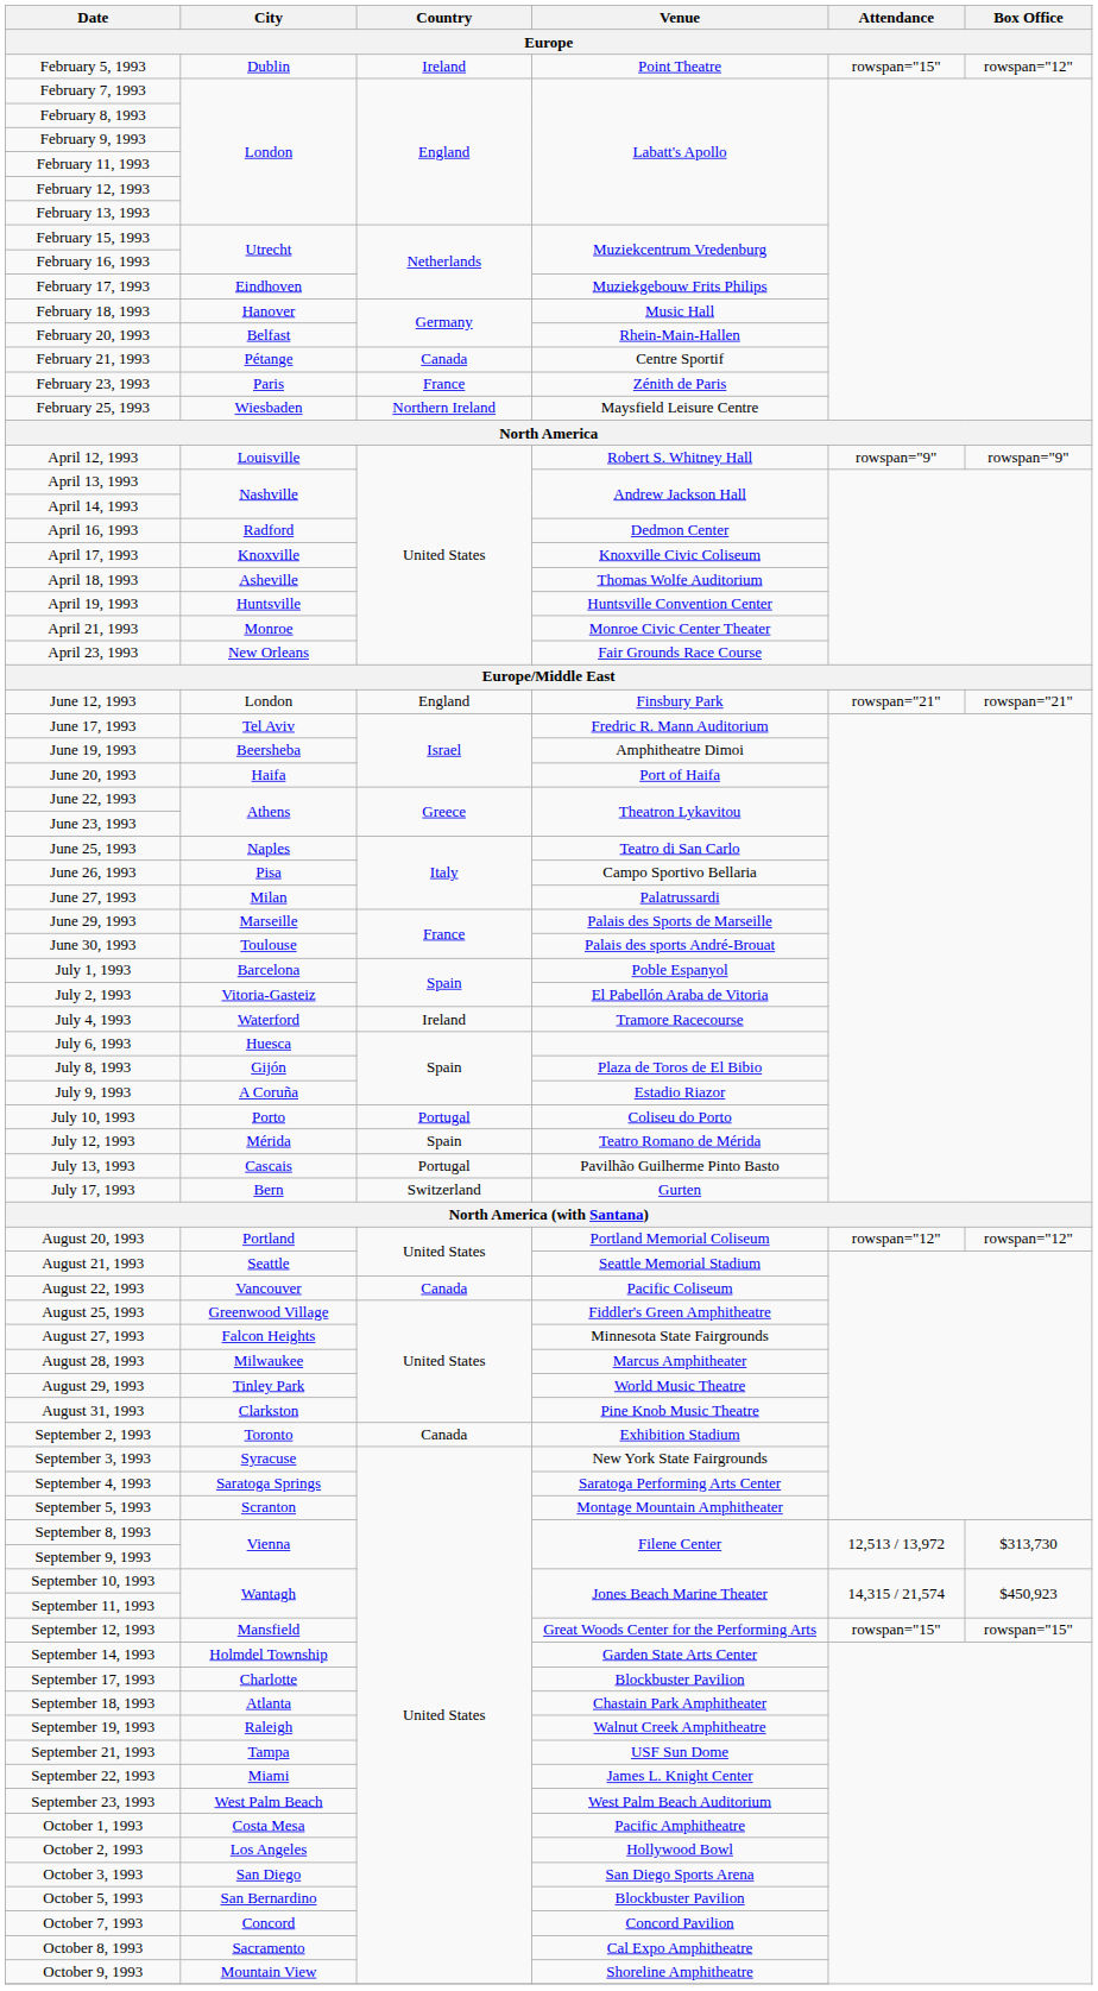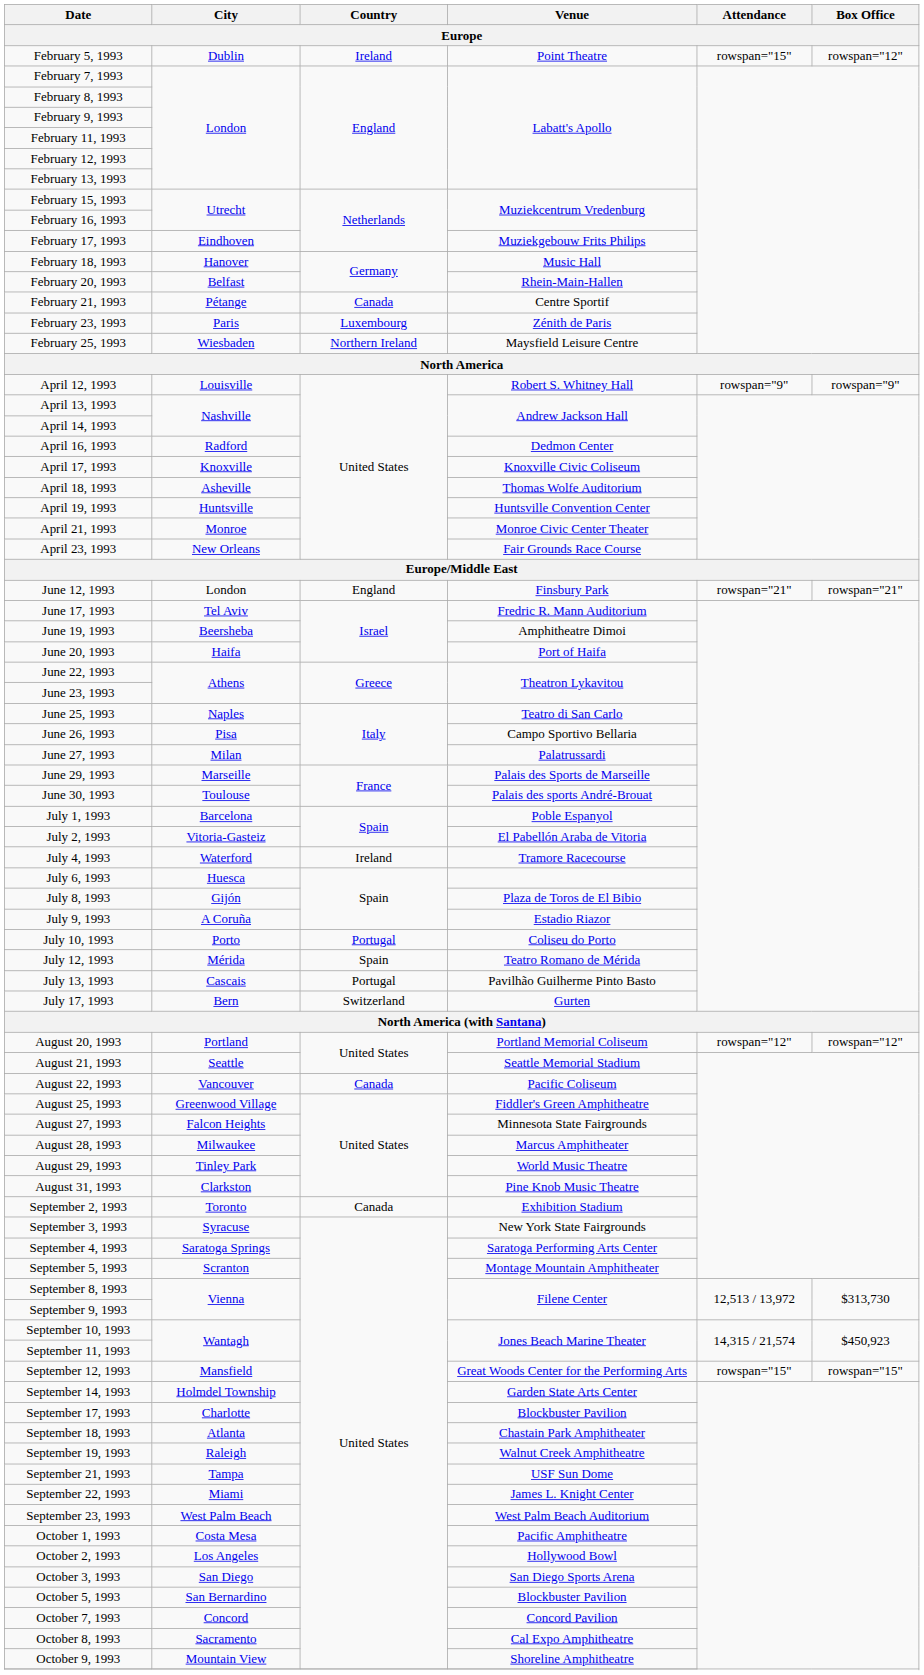 <table class="wikitable" style="text-align:center;">
 <tr>
 <th width="175">Date</th>
 <th width="175">City</th>
 <th width="175">Country</th>
 <th width="300">Venue</th>
 <th width="135">Attendance</th>
 <th width="125">Box Office</th>
 </tr>
 <tr>
 <th colspan="6">Europe</th>
 </tr>
 <tr>
 <td>February 5, 1993</td>
 <td><a href='#'>Dublin</a></td>
 <td><a href='#'>Ireland</a></td>
 <td><a href='#'>Point Theatre</a></td>
 <td>rowspan="15" </td>
 <td>rowspan="12" </td>
 </tr>
 <tr>
 <td>February 7, 1993</td>
 <td rowspan="6"><a href='#'>London</a></td>
 <td rowspan="6"><a href='#'>England</a></td>
 <td rowspan="6"><a href='#'>Labatt's Apollo</a></td>
 </tr>
 <tr>
 <td>February 8, 1993</td>
 </tr>
 <tr>
 <td>February 9, 1993</td>
 </tr>
 <tr>
 <td>February 11, 1993</td>
 </tr>
 <tr>
 <td>February 12, 1993</td>
 </tr>
 <tr>
 <td>February 13, 1993</td>
 </tr>
 <tr>
 <td>February 15, 1993</td>
 <td rowspan="2"><a href='#'>Utrecht</a></td>
 <td rowspan="3"><a href='#'>Netherlands</a></td>
 <td rowspan="2"><a href='#'>Muziekcentrum Vredenburg</a></td>
 </tr>
 <tr>
 <td>February 16, 1993</td>
 </tr>
 <tr>
 <td>February 17, 1993</td>
 <td><a href='#'>Eindhoven</a></td>
 <td><a href='#'>Muziekgebouw Frits Philips</a></td>
 </tr>
 <tr>
 <td>February 18, 1993</td>
 <td><a href='#'>Hanover</a></td>
 <td rowspan="2"><a href='#'>Germany</a></td>
 <td><a href='#'>Music Hall</a></td>
 </tr>
 <tr>
 <td>February 20, 1993</td>
 <td><a href='#'>Belfast</a></td>
 <td><a href='#'>Rhein-Main-Hallen</a></td>
 </tr>
 <tr>
 <td>February 21, 1993</td>
 <td><a href='#'>Pétange</a></td>
 <td><a href='#'>Canada</a></td>
 <td>Centre Sportif</td>
 </tr>
 <tr>
 <td>February 23, 1993</td>
 <td><a href='#'>Paris</a></td>
-<td><a href='#'>France</a></td>
+<td><a href='#'>Luxembourg</a></td>
 <td><a href='#'>Zénith de Paris</a></td>
 </tr>
 <tr>
 <td>February 25, 1993</td>
 <td><a href='#'>Wiesbaden</a></td>
 <td><a href='#'>Northern Ireland</a></td>
 <td>Maysfield Leisure Centre</td>
 </tr>
 <tr>
 <th colspan="6">North America</th>
 </tr>
 <tr>
 <td>April 12, 1993</td>
 <td><a href='#'>Louisville</a></td>
 <td rowspan="9">United States</td>
 <td><a href='#'>Robert S. Whitney Hall</a></td>
 <td>rowspan="9" </td>
 <td>rowspan="9" </td>
 </tr>
 <tr>
 <td>April 13, 1993</td>
 <td rowspan="2"><a href='#'>Nashville</a></td>
 <td rowspan="2"><a href='#'>Andrew Jackson Hall</a></td>
 </tr>
 <tr>
 <td>April 14, 1993</td>
 </tr>
 <tr>
 <td>April 16, 1993</td>
 <td><a href='#'>Radford</a></td>
 <td><a href='#'>Dedmon Center</a></td>
 </tr>
 <tr>
 <td>April 17, 1993</td>
 <td><a href='#'>Knoxville</a></td>
 <td><a href='#'>Knoxville Civic Coliseum</a></td>
 </tr>
 <tr>
 <td>April 18, 1993</td>
 <td><a href='#'>Asheville</a></td>
 <td><a href='#'>Thomas Wolfe Auditorium</a></td>
 </tr>
 <tr>
 <td>April 19, 1993</td>
 <td><a href='#'>Huntsville</a></td>
 <td><a href='#'>Huntsville Convention Center</a></td>
 </tr>
 <tr>
 <td>April 21, 1993</td>
 <td><a href='#'>Monroe</a></td>
 <td><a href='#'>Monroe Civic Center Theater</a></td>
 </tr>
 <tr>
 <td>April 23, 1993</td>
 <td><a href='#'>New Orleans</a></td>
 <td><a href='#'>Fair Grounds Race Course</a></td>
 </tr>
 <tr>
 <th colspan="6">Europe/Middle East</th>
 </tr>
 <tr>
 <td>June 12, 1993</td>
 <td>London</td>
 <td>England</td>
 <td><a href='#'>Finsbury Park</a></td>
 <td>rowspan="21" </td>
 <td>rowspan="21" </td>
 </tr>
 <tr>
 <td>June 17, 1993</td>
 <td><a href='#'>Tel Aviv</a></td>
 <td rowspan="3"><a href='#'>Israel</a></td>
 <td><a href='#'>Fredric R. Mann Auditorium</a></td>
 </tr>
 <tr>
 <td>June 19, 1993</td>
 <td><a href='#'>Beersheba</a></td>
 <td>Amphitheatre Dimoi</td>
 </tr>
 <tr>
 <td>June 20, 1993</td>
 <td><a href='#'>Haifa</a></td>
 <td><a href='#'>Port of Haifa</a></td>
 </tr>
 <tr>
 <td>June 22, 1993</td>
 <td rowspan="2"><a href='#'>Athens</a></td>
 <td rowspan="2"><a href='#'>Greece</a></td>
 <td rowspan="2"><a href='#'>Theatron Lykavitou</a></td>
 </tr>
 <tr>
 <td>June 23, 1993</td>
 </tr>
 <tr>
 <td>June 25, 1993</td>
 <td><a href='#'>Naples</a></td>
 <td rowspan="3"><a href='#'>Italy</a></td>
 <td><a href='#'>Teatro di San Carlo</a></td>
 </tr>
 <tr>
 <td>June 26, 1993</td>
 <td><a href='#'>Pisa</a></td>
 <td>Campo Sportivo Bellaria</td>
 </tr>
 <tr>
 <td>June 27, 1993</td>
 <td><a href='#'>Milan</a></td>
 <td><a href='#'>Palatrussardi</a></td>
 </tr>
 <tr>
 <td>June 29, 1993</td>
 <td><a href='#'>Marseille</a></td>
 <td rowspan="2"><a href='#'>France</a></td>
 <td><a href='#'>Palais des Sports de Marseille</a></td>
 </tr>
 <tr>
 <td>June 30, 1993</td>
 <td><a href='#'>Toulouse</a></td>
 <td><a href='#'>Palais des sports André-Brouat</a></td>
 </tr>
 <tr>
 <td>July 1, 1993</td>
 <td><a href='#'>Barcelona</a></td>
 <td rowspan="2"><a href='#'>Spain</a></td>
 <td><a href='#'>Poble Espanyol</a></td>
 </tr>
 <tr>
 <td>July 2, 1993</td>
 <td><a href='#'>Vitoria-Gasteiz</a></td>
 <td><a href='#'>El Pabellón Araba de Vitoria</a></td>
 </tr>
 <tr>
 <td>July 4, 1993</td>
 <td><a href='#'>Waterford</a></td>
 <td>Ireland</td>
 <td><a href='#'>Tramore Racecourse</a></td>
 </tr>
 <tr>
 <td>July 6, 1993</td>
 <td><a href='#'>Huesca</a></td>
 <td rowspan="3">Spain</td>
 <td></td>
 </tr>
 <tr>
 <td>July 8, 1993</td>
 <td><a href='#'>Gijón</a></td>
 <td><a href='#'>Plaza de Toros de El Bibio</a></td>
 </tr>
 <tr>
 <td>July 9, 1993</td>
 <td><a href='#'>A Coruña</a></td>
 <td><a href='#'>Estadio Riazor</a></td>
 </tr>
 <tr>
 <td>July 10, 1993</td>
 <td><a href='#'>Porto</a></td>
 <td><a href='#'>Portugal</a></td>
 <td><a href='#'>Coliseu do Porto</a></td>
 </tr>
 <tr>
 <td>July 12, 1993</td>
 <td><a href='#'>Mérida</a></td>
 <td>Spain</td>
 <td><a href='#'>Teatro Romano de Mérida</a></td>
 </tr>
 <tr>
 <td>July 13, 1993</td>
 <td><a href='#'>Cascais</a></td>
 <td>Portugal</td>
 <td>Pavilhão Guilherme Pinto Basto</td>
 </tr>
 <tr>
 <td>July 17, 1993</td>
 <td><a href='#'>Bern</a></td>
 <td>Switzerland</td>
 <td><a href='#'>Gurten</a></td>
 </tr>
 <tr>
 <th colspan="6">North America (with <a href='#'>Santana</a>)</th>
 </tr>
 <tr>
 <td>August 20, 1993</td>
 <td><a href='#'>Portland</a></td>
 <td rowspan="2">United States</td>
 <td><a href='#'>Portland Memorial Coliseum</a></td>
 <td>rowspan="12" </td>
 <td>rowspan="12" </td>
 </tr>
 <tr>
 <td>August 21, 1993</td>
 <td><a href='#'>Seattle</a></td>
 <td><a href='#'>Seattle Memorial Stadium</a></td>
 </tr>
 <tr>
 <td>August 22, 1993</td>
 <td><a href='#'>Vancouver</a></td>
 <td><a href='#'>Canada</a></td>
 <td><a href='#'>Pacific Coliseum</a></td>
 </tr>
 <tr>
 <td>August 25, 1993</td>
 <td><a href='#'>Greenwood Village</a></td>
 <td rowspan="5">United States</td>
 <td><a href='#'>Fiddler's Green Amphitheatre</a></td>
 </tr>
 <tr>
 <td>August 27, 1993</td>
 <td><a href='#'>Falcon Heights</a></td>
 <td>Minnesota State Fairgrounds</td>
 </tr>
 <tr>
 <td>August 28, 1993</td>
 <td><a href='#'>Milwaukee</a></td>
 <td><a href='#'>Marcus Amphitheater</a></td>
 </tr>
 <tr>
 <td>August 29, 1993</td>
 <td><a href='#'>Tinley Park</a></td>
 <td><a href='#'>World Music Theatre</a></td>
 </tr>
 <tr>
 <td>August 31, 1993</td>
 <td><a href='#'>Clarkston</a></td>
 <td><a href='#'>Pine Knob Music Theatre</a></td>
 </tr>
 <tr>
 <td>September 2, 1993</td>
 <td><a href='#'>Toronto</a></td>
 <td>Canada</td>
 <td><a href='#'>Exhibition Stadium</a></td>
 </tr>
 <tr>
 <td>September 3, 1993</td>
 <td><a href='#'>Syracuse</a></td>
 <td rowspan="22">United States</td>
 <td>New York State Fairgrounds</td>
 </tr>
 <tr>
 <td>September 4, 1993</td>
 <td><a href='#'>Saratoga Springs</a></td>
 <td><a href='#'>Saratoga Performing Arts Center</a></td>
 </tr>
 <tr>
 <td>September 5, 1993</td>
 <td><a href='#'>Scranton</a></td>
 <td><a href='#'>Montage Mountain Amphitheater</a></td>
 </tr>
 <tr>
 <td>September 8, 1993</td>
 <td rowspan="2"><a href='#'>Vienna</a></td>
 <td rowspan="2"><a href='#'>Filene Center</a></td>
 <td rowspan="2">12,513 / 13,972</td>
 <td rowspan="2">$313,730</td>
 </tr>
 <tr>
 <td>September 9, 1993</td>
 </tr>
 <tr>
 <td>September 10, 1993</td>
 <td rowspan="2"><a href='#'>Wantagh</a></td>
 <td rowspan="2"><a href='#'>Jones Beach Marine Theater</a></td>
 <td rowspan="2">14,315 / 21,574</td>
 <td rowspan="2">$450,923</td>
 </tr>
 <tr>
 <td>September 11, 1993</td>
 </tr>
 <tr>
 <td>September 12, 1993</td>
 <td><a href='#'>Mansfield</a></td>
 <td><a href='#'>Great Woods Center for the Performing Arts</a></td>
 <td>rowspan="15" </td>
 <td>rowspan="15" </td>
 </tr>
 <tr>
 <td>September 14, 1993</td>
 <td><a href='#'>Holmdel Township</a></td>
 <td><a href='#'>Garden State Arts Center</a></td>
 </tr>
 <tr>
 <td>September 17, 1993</td>
 <td><a href='#'>Charlotte</a></td>
 <td><a href='#'>Blockbuster Pavilion</a></td>
 </tr>
 <tr>
 <td>September 18, 1993</td>
 <td><a href='#'>Atlanta</a></td>
 <td><a href='#'>Chastain Park Amphitheater</a></td>
 </tr>
 <tr>
 <td>September 19, 1993</td>
 <td><a href='#'>Raleigh</a></td>
 <td><a href='#'>Walnut Creek Amphitheatre</a></td>
 </tr>
 <tr>
 <td>September 21, 1993</td>
 <td><a href='#'>Tampa</a></td>
 <td><a href='#'>USF Sun Dome</a></td>
 </tr>
 <tr>
 <td>September 22, 1993</td>
 <td><a href='#'>Miami</a></td>
 <td><a href='#'>James L. Knight Center</a></td>
 </tr>
 <tr>
 <td>September 23, 1993</td>
 <td><a href='#'>West Palm Beach</a></td>
 <td><a href='#'>West Palm Beach Auditorium</a></td>
 </tr>
 <tr>
 <td>October 1, 1993</td>
 <td><a href='#'>Costa Mesa</a></td>
 <td><a href='#'>Pacific Amphitheatre</a></td>
 </tr>
 <tr>
 <td>October 2, 1993</td>
 <td><a href='#'>Los Angeles</a></td>
 <td><a href='#'>Hollywood Bowl</a></td>
 </tr>
 <tr>
 <td>October 3, 1993</td>
 <td><a href='#'>San Diego</a></td>
 <td><a href='#'>San Diego Sports Arena</a></td>
 </tr>
 <tr>
 <td>October 5, 1993</td>
 <td><a href='#'>San Bernardino</a></td>
 <td><a href='#'>Blockbuster Pavilion</a></td>
 </tr>
 <tr>
 <td>October 7, 1993</td>
 <td><a href='#'>Concord</a></td>
 <td><a href='#'>Concord Pavilion</a></td>
 </tr>
 <tr>
 <td>October 8, 1993</td>
 <td><a href='#'>Sacramento</a></td>
 <td><a href='#'>Cal Expo Amphitheatre</a></td>
 </tr>
 <tr>
 <td>October 9, 1993</td>
 <td><a href='#'>Mountain View</a></td>
 <td><a href='#'>Shoreline Amphitheatre</a></td>
 </tr>
 <tr>
 </tr>
 </table>
